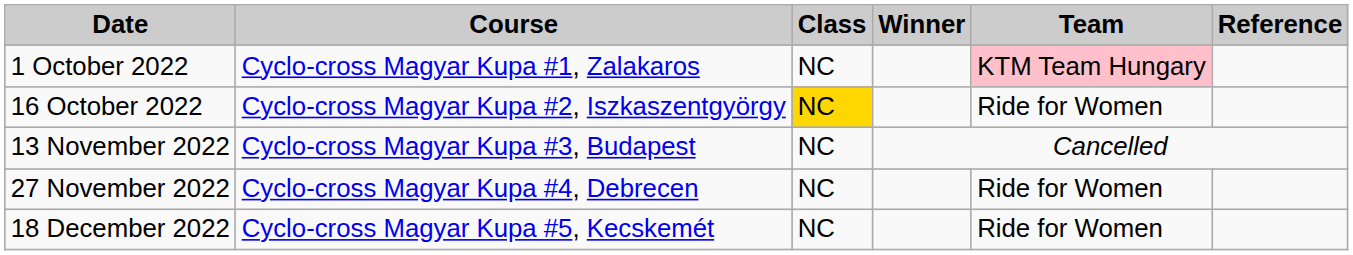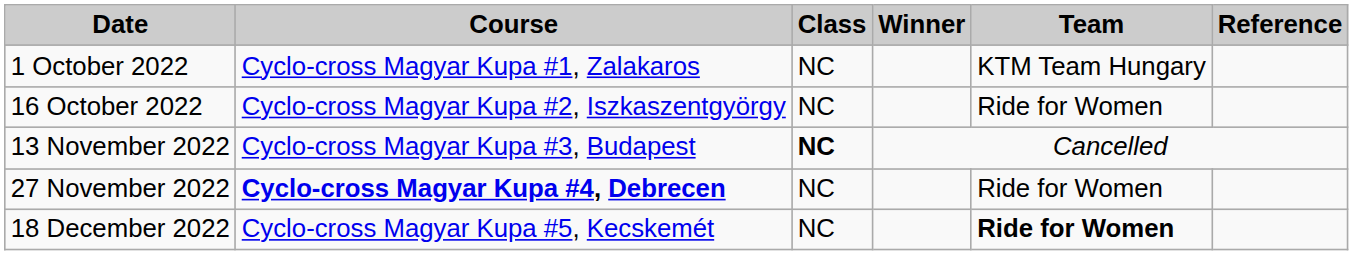 <table class="wikitable sortable alternance ">
 <tr>
 <th scope="col" style="background-color:#CCCCCC;">Date</th>
 <th scope="col" style="background-color:#CCCCCC;">Course</th>
 <th scope="col" style="background-color:#CCCCCC;">Class</th>
 <th scope="col" style="background-color:#CCCCCC;">Winner</th>
 <th scope="col" style="background-color:#CCCCCC;">Team</th>
 <th scope="col" style="background-color:#CCCCCC;">Reference</th>
 </tr>
 <tr>
 <td>1 October 2022</td>
 <td> <a href='#'>Cyclo-cross Magyar Kupa #1</a>, <a href='#'>Zalakaros</a></td>
 <td>NC</td>
 <td></td>
-<td style="background: pink;">KTM Team Hungary</td>
+<td>KTM Team Hungary</td>
 <td></td>
 </tr>
 <tr>
 <td>16 October 2022</td>
 <td> <a href='#'>Cyclo-cross Magyar Kupa #2</a>, <a href='#'>Iszkaszentgyörgy</a></td>
-<td style="background: gold;">NC</td>
+<td>NC</td>
 <td></td>
 <td>Ride for Women</td>
 <td></td>
 </tr>
 <tr>
 <td>13 November 2022</td>
 <td> <a href='#'>Cyclo-cross Magyar Kupa #3</a>, <a href='#'>Budapest</a></td>
-<td>NC</td>
+<td><strong>NC</strong></td>
 <td colspan="3" align="center"><em>Cancelled</em></td>
 </tr>
 <tr>
 <td>27 November 2022</td>
-<td> <a href='#'>Cyclo-cross Magyar Kupa #4</a>, <a href='#'>Debrecen</a></td>
+<td><strong> <a href='#'>Cyclo-cross Magyar Kupa #4</a>, <a href='#'>Debrecen</a></strong></td>
 <td>NC</td>
 <td></td>
 <td>Ride for Women</td>
 <td></td>
 </tr>
 <tr>
 <td>18 December 2022</td>
 <td> <a href='#'>Cyclo-cross Magyar Kupa #5</a>, <a href='#'>Kecskemét</a></td>
 <td>NC</td>
 <td></td>
-<td>Ride for Women</td>
+<td><strong>Ride for Women</strong></td>
 <td></td>
 </tr>
 </table>
